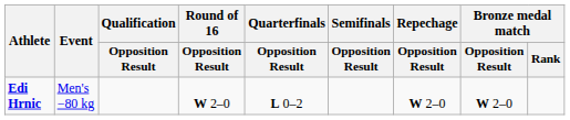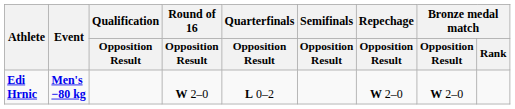 <table class=wikitable style=font-size:90%;text-align:center>
 <tr>
 <th rowspan=2>Athlete</th>
 <th rowspan=2>Event</th>
 <th>Qualification</th>
 <th>Round of 16</th>
 <th>Quarterfinals</th>
 <th>Semifinals</th>
 <th>Repechage</th>
 <th colspan=2>Bronze medal match</th>
 </tr>
 <tr style=font-size:95%>
 <th>Opposition<br>Result</th>
 <th>Opposition<br>Result</th>
 <th>Opposition<br>Result</th>
 <th>Opposition<br>Result</th>
 <th>Opposition<br>Result</th>
 <th>Opposition<br>Result</th>
 <th>Rank</th>
 </tr>
 <tr align=center>
 <td align=left><strong><a href='#'>Edi Hrnic</a></strong></td>
-<td align=left><a href='#'>Men's −80 kg</a></td>
+<td align=left><strong><a href='#'>Men's −80 kg</a></strong></td>
 <td></td>
 <td><br><strong>W</strong> 2–0</td>
 <td><br><strong>L</strong> 0–2</td>
 <td></td>
 <td><br><strong>W</strong> 2–0</td>
 <td><br><strong>W</strong> 2–0</td>
 <td></td>
 </tr>
 </table>
